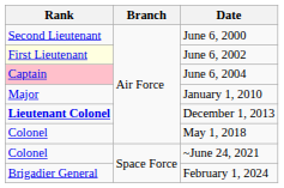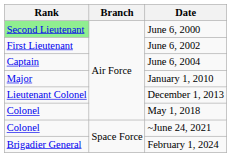 <table class="wikitable">
 <tr>
 <th>Rank</th>
 <th>Branch</th>
 <th>Date</th>
 </tr>
 <tr>
-<td> <a href='#'>Second Lieutenant</a></td>
+<td style="background: lightgreen;"> <a href='#'>Second Lieutenant</a></td>
 <td rowspan=6>Air Force</td>
 <td>June 6, 2000</td>
 </tr>
 <tr>
-<td style="background: lightyellow;"> <a href='#'>First Lieutenant</a></td>
+<td> <a href='#'>First Lieutenant</a></td>
 <td>June 6, 2002</td>
 </tr>
 <tr>
-<td style="background: pink;"> <a href='#'>Captain</a></td>
+<td> <a href='#'>Captain</a></td>
 <td>June 6, 2004</td>
 </tr>
 <tr>
 <td> <a href='#'>Major</a></td>
 <td>January 1, 2010</td>
 </tr>
 <tr>
-<td><strong> <a href='#'>Lieutenant Colonel</a></strong></td>
+<td> <a href='#'>Lieutenant Colonel</a></td>
 <td>December 1, 2013</td>
 </tr>
 <tr>
 <td> <a href='#'>Colonel</a></td>
 <td>May 1, 2018</td>
 </tr>
 <tr>
 <td> <a href='#'>Colonel</a></td>
 <td rowspan=2>Space Force</td>
 <td>~June 24, 2021</td>
 </tr>
 <tr>
 <td> <a href='#'>Brigadier General</a></td>
 <td>February 1, 2024</td>
 </tr>
 </table>
